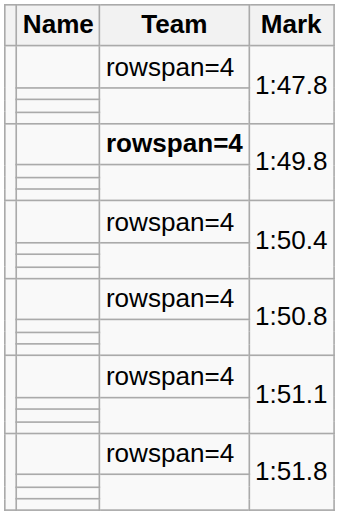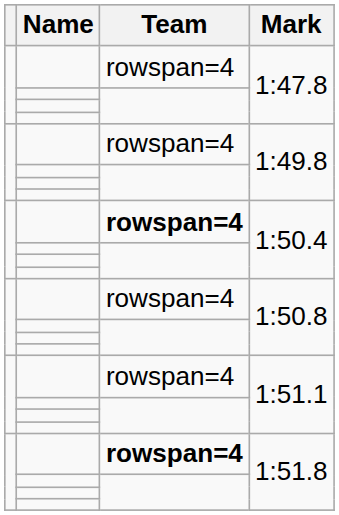 <table class=wikitable>
 <tr>
 <th></th>
 <th>Name</th>
 <th>Team</th>
 <th>Mark</th>
 </tr>
 <tr>
 <td rowspan=4></td>
 <td></td>
 <td>rowspan=4 </td>
 <td rowspan=4>1:47.8</td>
 </tr>
 <tr>
 <td></td>
 </tr>
 <tr>
 <td></td>
 </tr>
 <tr>
 <td></td>
 </tr>
 <tr>
 <td rowspan=4></td>
 <td></td>
-<td><strong>rowspan=4 </strong></td>
+<td>rowspan=4 </td>
 <td rowspan=4>1:49.8</td>
 </tr>
 <tr>
 <td></td>
 </tr>
 <tr>
 <td></td>
 </tr>
 <tr>
 <td></td>
 </tr>
 <tr>
 <td rowspan=4></td>
 <td></td>
-<td>rowspan=4 </td>
+<td><strong>rowspan=4 </strong></td>
 <td rowspan=4>1:50.4</td>
 </tr>
 <tr>
 <td></td>
 </tr>
 <tr>
 <td></td>
 </tr>
 <tr>
 <td></td>
 </tr>
 <tr>
 <td rowspan=4></td>
 <td></td>
 <td>rowspan=4 </td>
 <td rowspan=4>1:50.8</td>
 </tr>
 <tr>
 <td></td>
 </tr>
 <tr>
 <td></td>
 </tr>
 <tr>
 <td></td>
 </tr>
 <tr>
 <td rowspan=4></td>
 <td></td>
 <td>rowspan=4 </td>
 <td rowspan=4>1:51.1</td>
 </tr>
 <tr>
 <td></td>
 </tr>
 <tr>
 <td></td>
 </tr>
 <tr>
 <td></td>
 </tr>
 <tr>
 <td rowspan=4></td>
 <td></td>
-<td>rowspan=4 </td>
+<td><strong>rowspan=4 </strong></td>
 <td rowspan=4>1:51.8</td>
 </tr>
 <tr>
 <td></td>
 </tr>
 <tr>
 <td></td>
 </tr>
 <tr>
 <td></td>
 </tr>
 </table>
